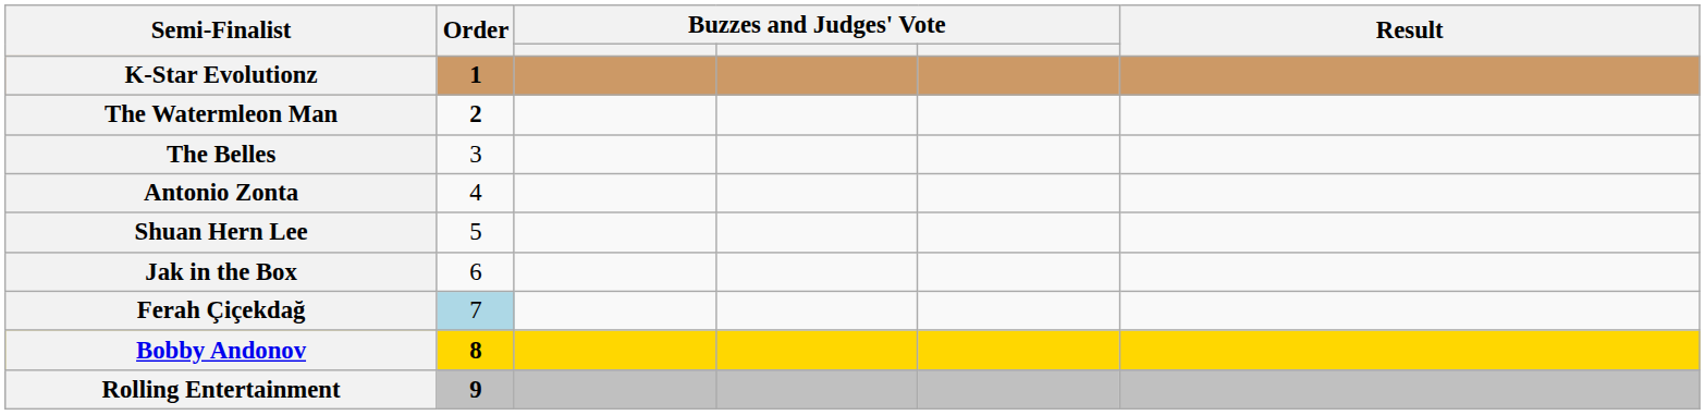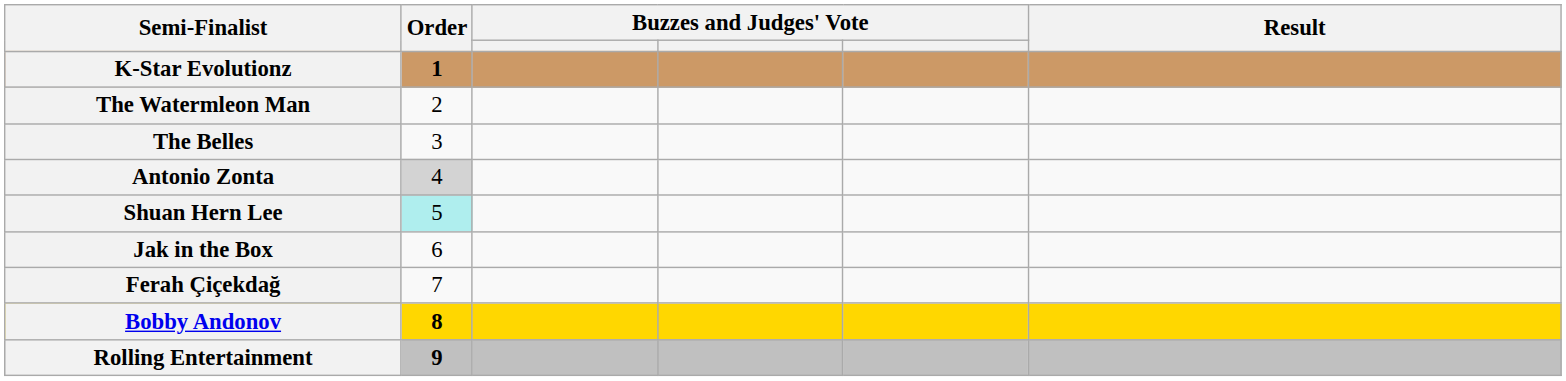 <table class="wikitable plainrowheaders sortable" style="text-align:center;">
 <tr>
 <th scope="col" rowspan=2 class="unsortable" style="width:17em;">Semi-Finalist</th>
 <th scope="col" rowspan=2 style="width:1em;">Order</th>
 <th scope="col" colspan=3 class="unsortable" style="width:24em;">Buzzes and Judges' Vote</th>
 <th scope="col" rowspan=2 style="width:23em;">Result</th>
 </tr>
 <tr>
 <th scope="col" class="unsortable" style="width:6em;"></th>
 <th scope="col" class="unsortable" style="width:6em;"></th>
 <th scope="col" class="unsortable" style="width:6em;"></th>
 </tr>
 <tr bgcolor=#c96>
 <th scope="row"><strong>K-Star Evolutionz</strong></th>
 <td><strong>1</strong></td>
 <td style="text-align:center;"></td>
 <td style="text-align:center;"></td>
 <td style="text-align:center;"></td>
 <td><strong></strong></td>
 </tr>
 <tr>
 <th scope="row">The Watermleon Man</th>
-<td><strong>2</strong></td>
+<td>2</td>
 <td style="text-align:center;"></td>
 <td style="text-align:center;"></td>
 <td style="text-align:center;"></td>
 <td></td>
 </tr>
 <tr>
 <th scope="row">The Belles</th>
 <td>3</td>
 <td style="text-align:center;"></td>
 <td style="text-align:center;"></td>
 <td style="text-align:center;"></td>
 <td></td>
 </tr>
 <tr>
 <th scope="row">Antonio Zonta</th>
-<td>4</td>
+<td style="background: lightgrey;">4</td>
 <td style="text-align:center;"></td>
 <td style="text-align:center;"></td>
 <td style="text-align:center;"></td>
 <td></td>
 </tr>
 <tr>
 <th scope="row">Shuan Hern Lee</th>
-<td>5</td>
+<td style="background: paleturquoise;">5</td>
 <td style="text-align:center;"></td>
 <td style="text-align:center;"></td>
 <td style="text-align:center;"></td>
 <td></td>
 </tr>
 <tr>
 <th scope="row">Jak in the Box</th>
 <td>6</td>
 <td style="text-align:center;"></td>
 <td style="text-align:center;"></td>
 <td style="text-align:center;"></td>
 <td></td>
 </tr>
 <tr>
 <th scope="row">Ferah Çiçekdağ</th>
-<td style="background: lightblue;">7</td>
+<td>7</td>
 <td style="text-align:center;"></td>
 <td style="text-align:center;"></td>
 <td style="text-align:center;"></td>
 <td></td>
 </tr>
 <tr bgcolor=gold>
 <th scope="row"><strong><a href='#'>Bobby Andonov</a></strong></th>
 <td><strong>8</strong></td>
 <td style="text-align:center;"></td>
 <td style="text-align:center;"></td>
 <td style="text-align:center;"></td>
 <td><strong></strong></td>
 </tr>
 <tr bgcolor=silver>
 <th scope="row"><strong>Rolling Entertainment</strong></th>
 <td><strong>9</strong></td>
 <td style="text-align:center;"></td>
 <td style="text-align:center;"></td>
 <td style="text-align:center;"></td>
 <td><strong></strong></td>
 </tr>
 </table>
